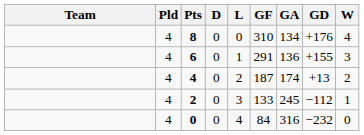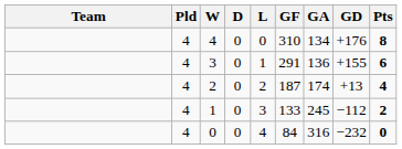 <table class="wikitable" style="text-align:center;">
 <tr>
 <th width=175>Team</th>
 <th width=20 abbr="Played">Pld</th>
-<th width=20 abbr="Points">Pts</th>
+<th width=20 abbr="Won">W</th>
 <th width=20 abbr="Drawn">D</th>
 <th width=20 abbr="Lost">L</th>
 <th width=20 abbr="Goals for">GF</th>
 <th width=20 abbr="Goals against">GA</th>
 <th width=20 abbr="Goal difference">GD</th>
-<th width=20 abbr="Won">W</th>
+<th width=20 abbr="Points">Pts</th>
 </tr>
 <tr>
 <td align=left></td>
 <td>4</td>
-<td><strong>8</strong></td>
+<td>4</td>
 <td>0</td>
 <td>0</td>
 <td>310</td>
 <td>134</td>
 <td>+176</td>
-<td>4</td>
+<td><strong>8</strong></td>
 </tr>
 <tr>
 <td align=left></td>
 <td>4</td>
-<td><strong>6</strong></td>
+<td>3</td>
 <td>0</td>
 <td>1</td>
 <td>291</td>
 <td>136</td>
 <td>+155</td>
-<td>3</td>
+<td><strong>6</strong></td>
 </tr>
 <tr>
 <td align=left></td>
 <td>4</td>
-<td><strong>4</strong></td>
+<td>2</td>
 <td>0</td>
 <td>2</td>
 <td>187</td>
 <td>174</td>
 <td>+13</td>
-<td>2</td>
+<td><strong>4</strong></td>
 </tr>
 <tr>
 <td align=left></td>
 <td>4</td>
-<td><strong>2</strong></td>
+<td>1</td>
 <td>0</td>
 <td>3</td>
 <td>133</td>
 <td>245</td>
 <td>−112</td>
-<td>1</td>
+<td><strong>2</strong></td>
 </tr>
 <tr>
 <td align=left></td>
 <td>4</td>
-<td><strong>0</strong></td>
+<td>0</td>
 <td>0</td>
 <td>4</td>
 <td>84</td>
 <td>316</td>
 <td>−232</td>
-<td>0</td>
+<td><strong>0</strong></td>
 </tr>
 </table>
